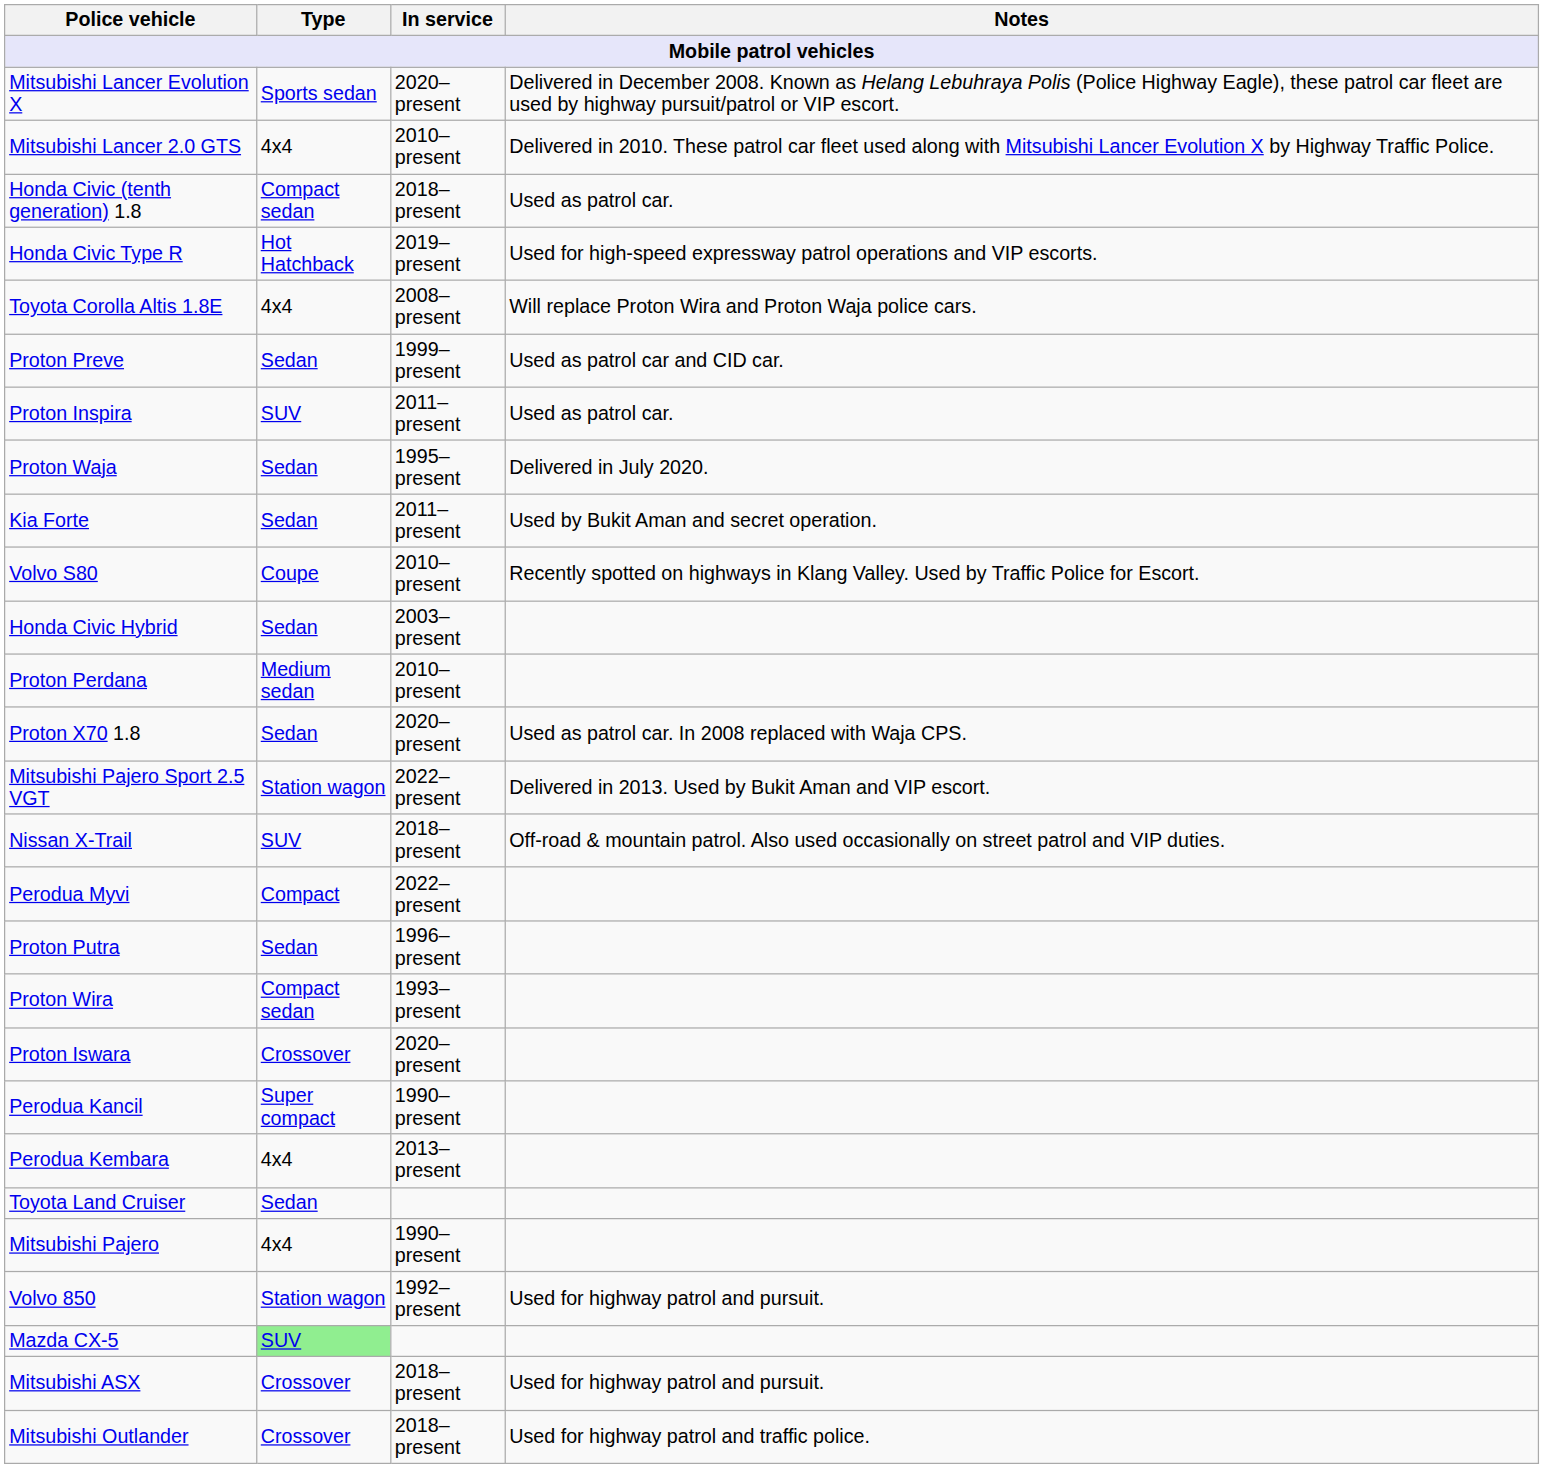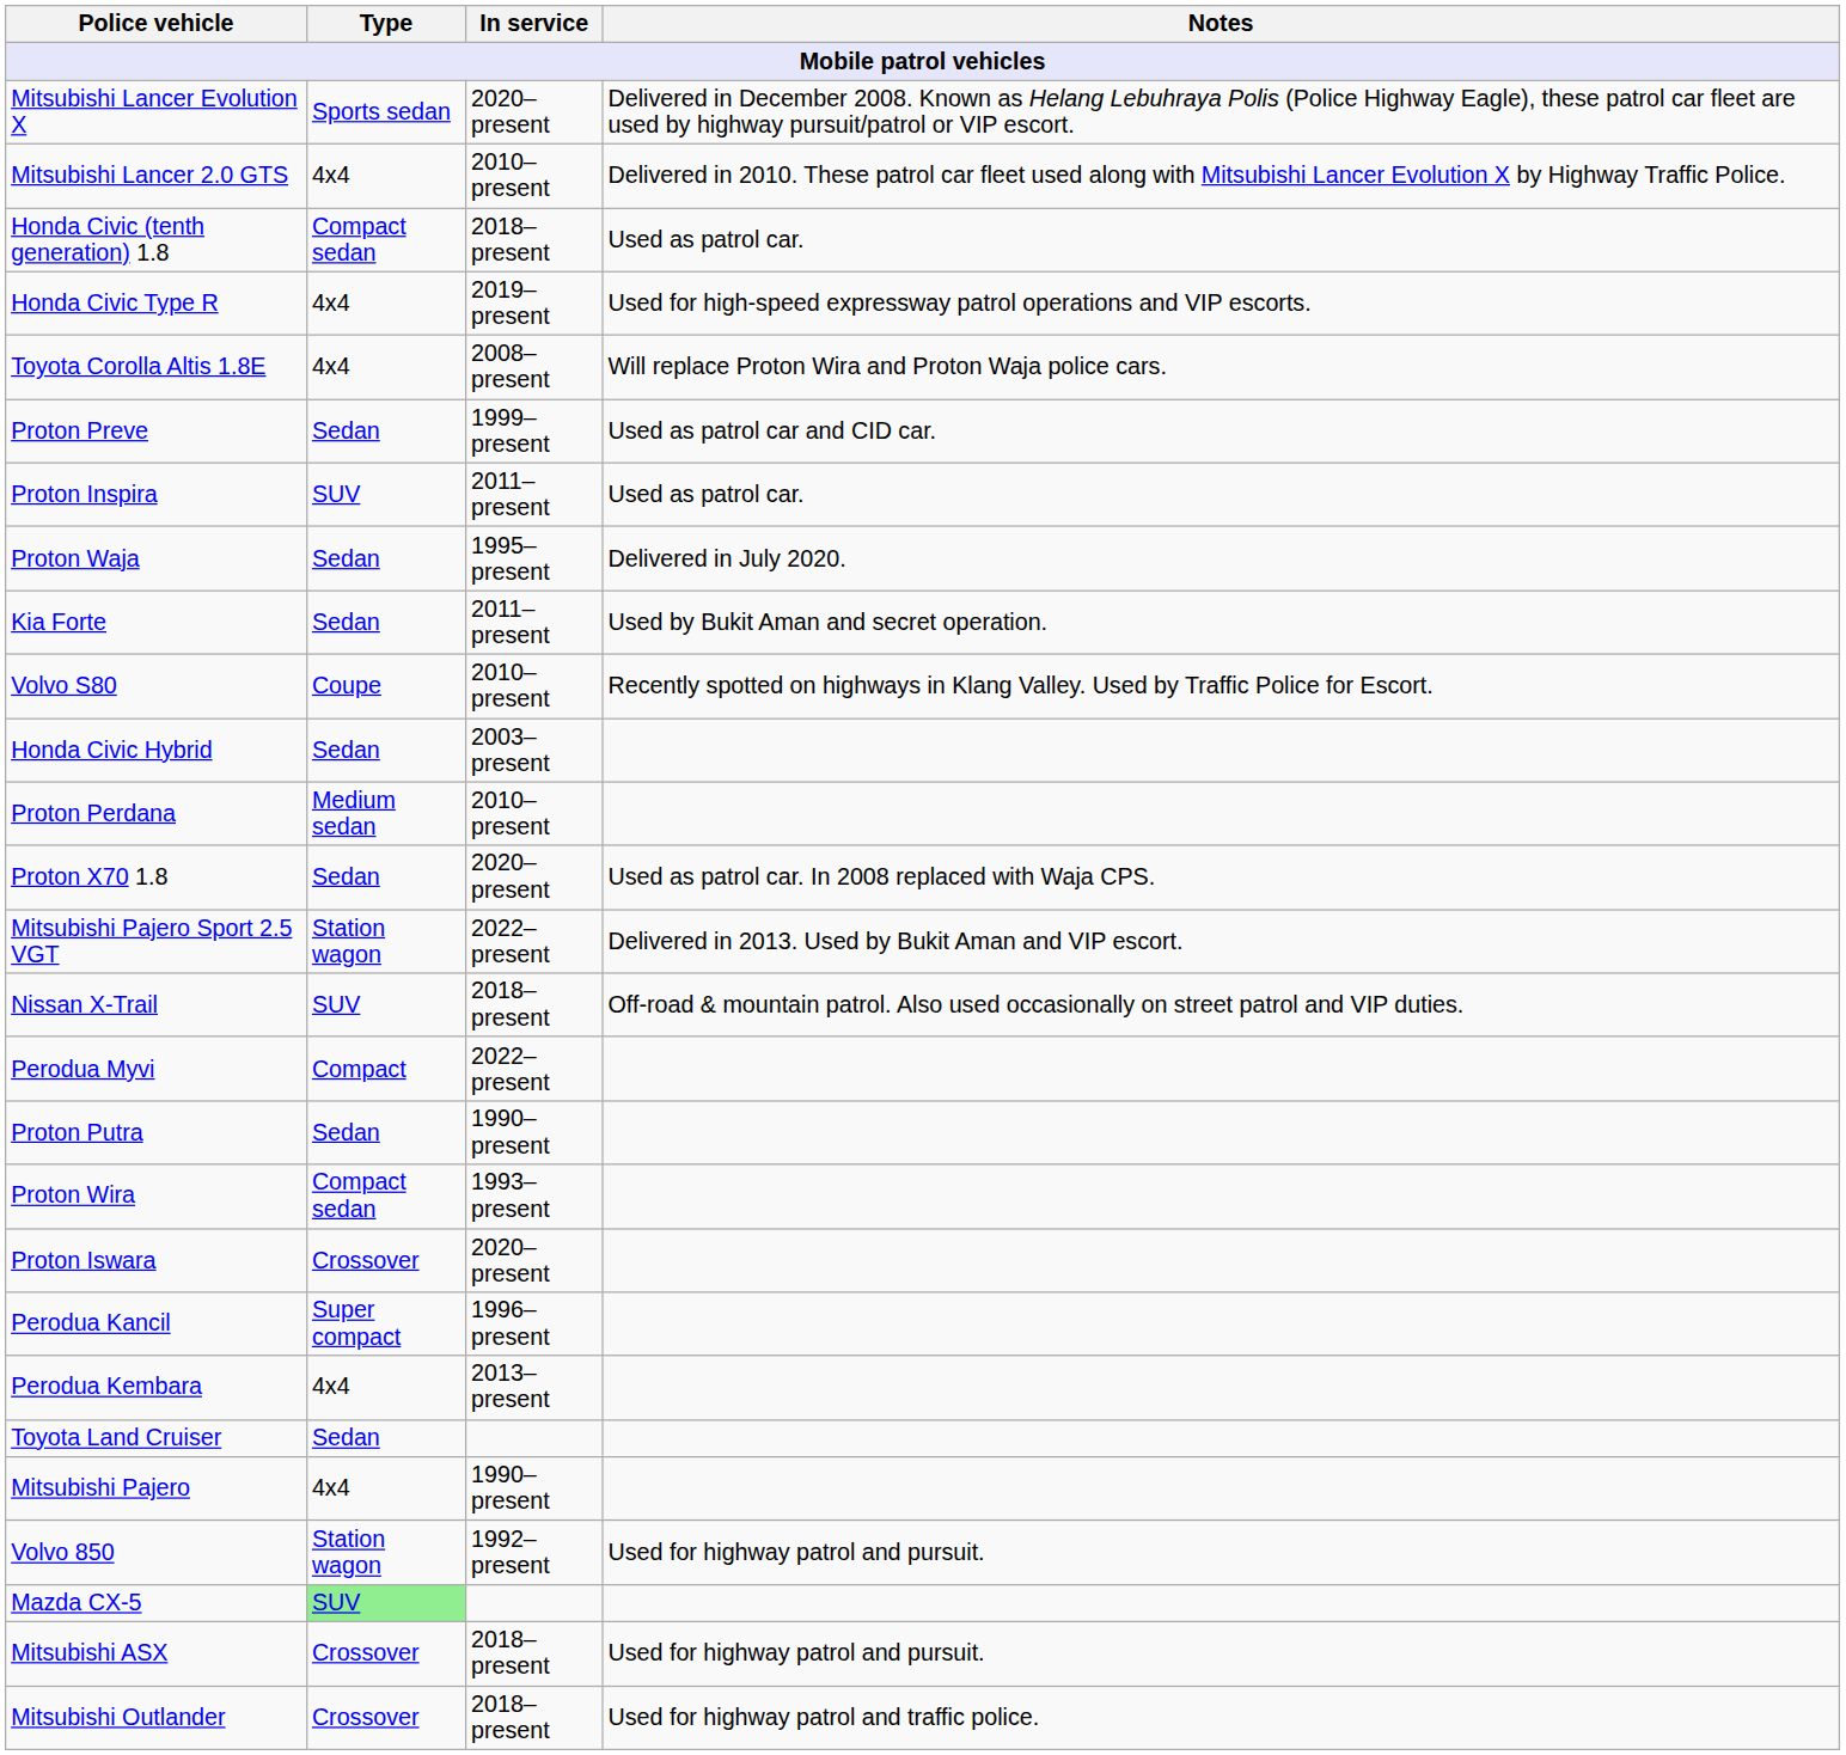 <table class="wikitable">
 <tr>
 <th style="text-align: center;">Police vehicle</th>
 <th style="text-align: center;">Type</th>
 <th style="text-align: center;">In service</th>
 <th style="text-align: center;">Notes</th>
 </tr>
 <tr>
 <th style="align: center; background: lavender;" colspan="7">Mobile patrol vehicles</th>
 </tr>
 <tr>
 <td><a href='#'>Mitsubishi Lancer Evolution X</a></td>
 <td><a href='#'>Sports sedan</a></td>
 <td>2020–present</td>
 <td>Delivered in December 2008. Known as <em>Helang Lebuhraya Polis</em> (Police Highway Eagle), these patrol car fleet are used by highway pursuit/patrol or VIP escort.</td>
 </tr>
 <tr>
 <td><a href='#'>Mitsubishi Lancer 2.0 GTS</a></td>
 <td>4x4</td>
 <td>2010–present</td>
 <td>Delivered in 2010. These patrol car fleet used along with <a href='#'>Mitsubishi Lancer Evolution X</a> by Highway Traffic Police.</td>
 </tr>
 <tr>
 <td><a href='#'>Honda Civic (tenth generation)</a> 1.8</td>
 <td><a href='#'>Compact sedan</a></td>
 <td>2018–present</td>
 <td>Used as patrol car.</td>
 </tr>
 <tr>
 <td><a href='#'>Honda Civic Type R</a></td>
-<td><a href='#'>Hot Hatchback</a></td>
+<td>4x4</td>
 <td>2019–present</td>
 <td>Used for high-speed expressway patrol operations and VIP escorts.</td>
 </tr>
 <tr>
 <td><a href='#'>Toyota Corolla Altis 1.8E</a></td>
 <td>4x4</td>
 <td>2008–present</td>
 <td>Will replace Proton Wira and Proton Waja police cars.</td>
 </tr>
 <tr>
 <td><a href='#'>Proton Preve</a></td>
 <td><a href='#'>Sedan</a></td>
 <td>1999–present</td>
 <td>Used as patrol car and CID car.</td>
 </tr>
 <tr>
 <td><a href='#'>Proton Inspira</a></td>
 <td><a href='#'>SUV</a></td>
 <td>2011–present</td>
 <td>Used as patrol car.</td>
 </tr>
 <tr>
 <td><a href='#'>Proton Waja</a></td>
 <td><a href='#'>Sedan</a></td>
 <td>1995–present</td>
 <td>Delivered in July 2020.</td>
 </tr>
 <tr>
 <td><a href='#'>Kia Forte</a></td>
 <td><a href='#'>Sedan</a></td>
 <td>2011–present</td>
 <td>Used by Bukit Aman and secret operation.</td>
 </tr>
 <tr>
 <td><a href='#'>Volvo S80</a></td>
 <td><a href='#'>Coupe</a></td>
 <td>2010–present</td>
 <td>Recently spotted on highways in Klang Valley. Used by Traffic Police for Escort.</td>
 </tr>
 <tr>
 <td><a href='#'>Honda Civic Hybrid</a></td>
 <td><a href='#'>Sedan</a></td>
 <td>2003–present</td>
 <td></td>
 </tr>
 <tr>
 <td><a href='#'>Proton Perdana</a></td>
 <td><a href='#'>Medium sedan</a></td>
 <td>2010–present</td>
 <td></td>
 </tr>
 <tr>
 <td><a href='#'>Proton X70</a> 1.8</td>
 <td><a href='#'>Sedan</a></td>
 <td>2020–present</td>
 <td>Used as patrol car. In 2008 replaced with Waja CPS.</td>
 </tr>
 <tr>
 <td><a href='#'>Mitsubishi Pajero Sport 2.5 VGT</a></td>
 <td><a href='#'>Station wagon</a></td>
 <td>2022–present</td>
 <td>Delivered in 2013. Used by Bukit Aman and VIP escort.</td>
 </tr>
 <tr>
 <td><a href='#'>Nissan X-Trail</a></td>
 <td><a href='#'>SUV</a></td>
 <td>2018–present</td>
 <td>Off-road & mountain patrol. Also used occasionally on street patrol and VIP duties.</td>
 </tr>
 <tr>
 <td><a href='#'>Perodua Myvi</a></td>
 <td><a href='#'>Compact</a></td>
 <td>2022–present</td>
 <td></td>
 </tr>
 <tr>
 <td><a href='#'>Proton Putra</a></td>
 <td><a href='#'>Sedan</a></td>
-<td>1996–present</td>
+<td>1990–present</td>
 <td></td>
 </tr>
 <tr>
 <td><a href='#'>Proton Wira</a></td>
 <td><a href='#'>Compact sedan</a></td>
 <td>1993–present</td>
 <td></td>
 </tr>
 <tr>
 <td><a href='#'>Proton Iswara</a></td>
 <td><a href='#'>Crossover</a></td>
 <td>2020–present</td>
 <td></td>
 </tr>
 <tr>
 <td><a href='#'>Perodua Kancil</a></td>
 <td><a href='#'>Super compact</a></td>
-<td>1990–present</td>
+<td>1996–present</td>
 <td></td>
 </tr>
 <tr>
 <td><a href='#'>Perodua Kembara</a></td>
 <td>4x4</td>
 <td>2013–present</td>
 <td></td>
 </tr>
 <tr>
 <td><a href='#'>Toyota Land Cruiser</a></td>
 <td><a href='#'>Sedan</a></td>
 <td></td>
 <td></td>
 </tr>
 <tr>
 <td><a href='#'>Mitsubishi Pajero</a></td>
 <td>4x4</td>
 <td>1990–present</td>
 <td></td>
 </tr>
 <tr>
 <td><a href='#'>Volvo 850</a></td>
 <td><a href='#'>Station wagon</a></td>
 <td>1992–present</td>
 <td>Used for highway patrol and pursuit.</td>
 </tr>
 <tr>
 <td><a href='#'>Mazda CX-5</a></td>
 <td style="background: lightgreen;"><a href='#'>SUV</a></td>
 <td></td>
 <td></td>
 </tr>
 <tr>
 <td><a href='#'>Mitsubishi ASX</a></td>
 <td><a href='#'>Crossover</a></td>
 <td>2018–present</td>
 <td>Used for highway patrol and pursuit.</td>
 </tr>
 <tr>
 <td><a href='#'>Mitsubishi Outlander</a></td>
 <td><a href='#'>Crossover</a></td>
 <td>2018–present</td>
 <td>Used for highway patrol and traffic police.</td>
 </tr>
 </table>
